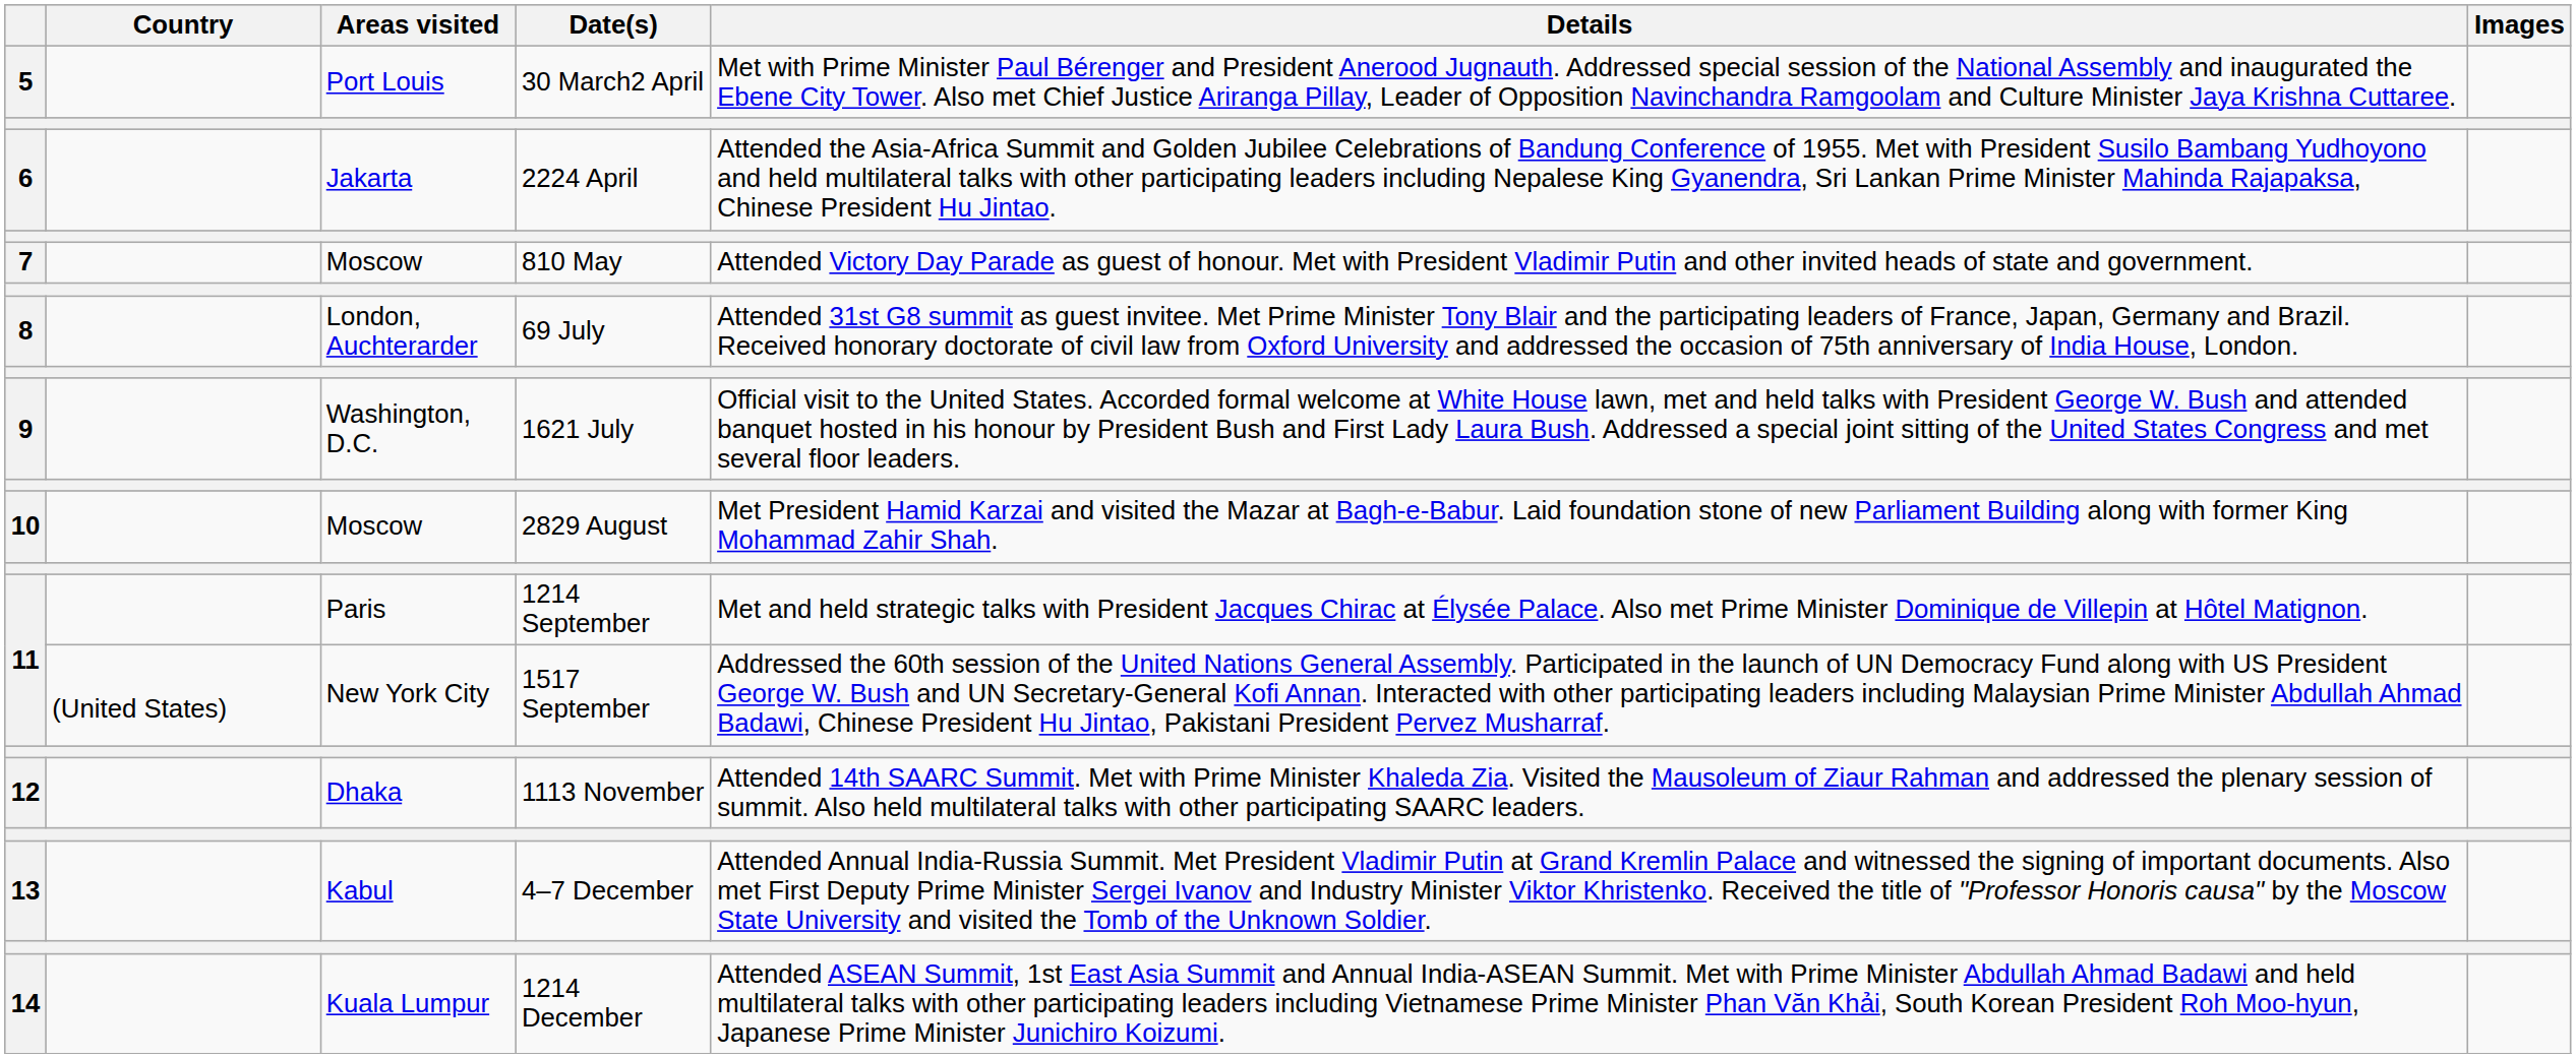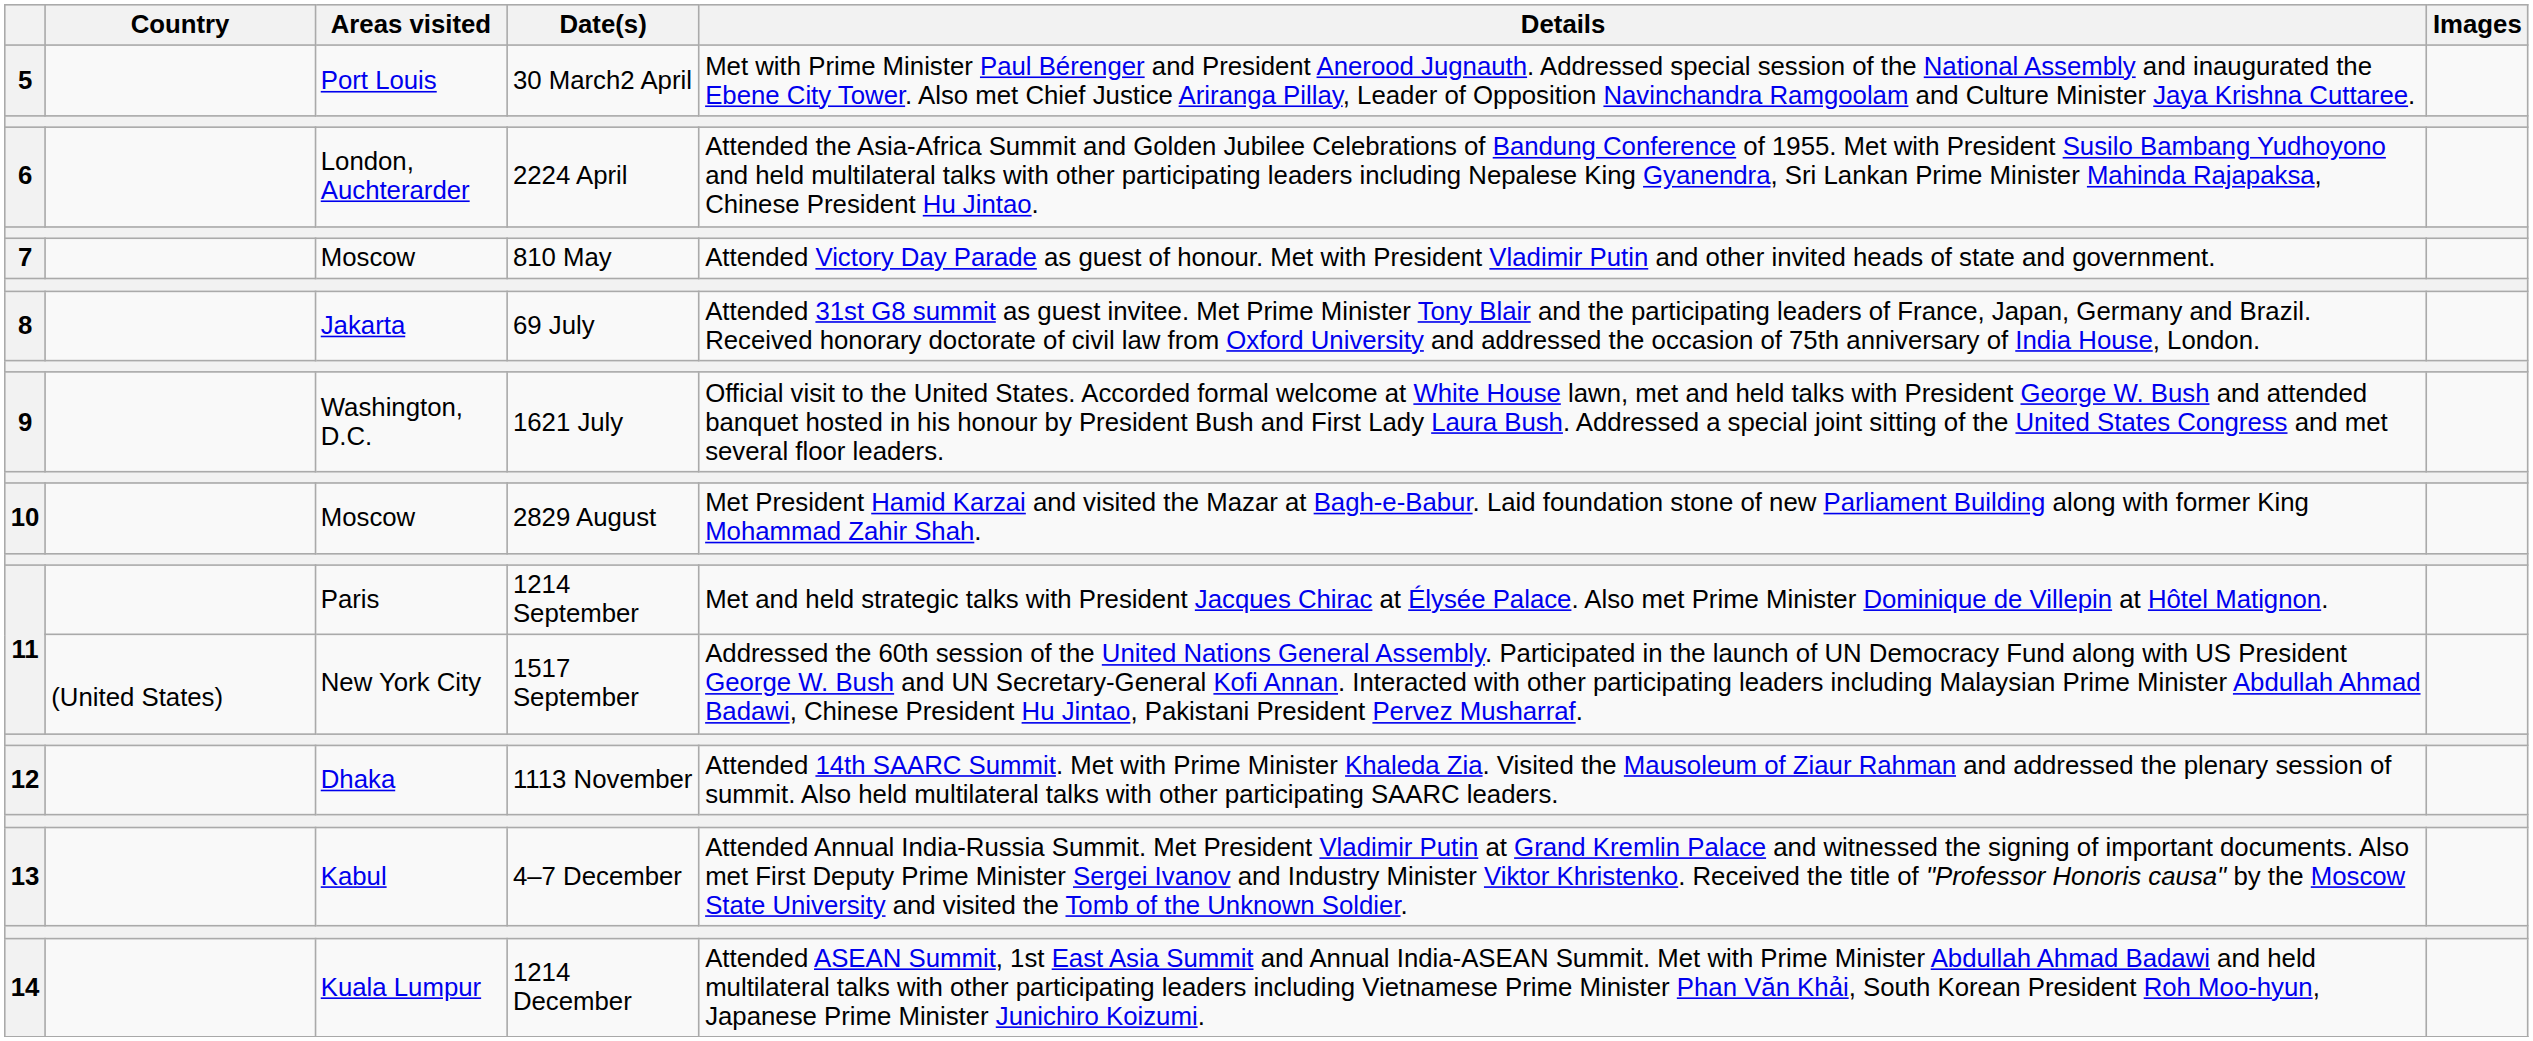 <table class="wikitable outercollapse sortable">
 <tr>
 <th></th>
 <th style="width:10em">Country</th>
 <th style="width:7em">Areas visited</th>
 <th style="width:7em">Date(s)</th>
 <th class="unsortable">Details</th>
 <th class="unsortable">Images</th>
 </tr>
 <tr>
 <th>5</th>
 <td></td>
 <td><a href='#'>Port Louis</a></td>
 <td>30 March2 April</td>
 <td>Met with Prime Minister <a href='#'>Paul Bérenger</a> and President <a href='#'>Anerood Jugnauth</a>. Addressed special session of the <a href='#'>National Assembly</a> and inaugurated the <a href='#'>Ebene City Tower</a>. Also met Chief Justice <a href='#'>Ariranga Pillay</a>, Leader of Opposition <a href='#'>Navinchandra Ramgoolam</a> and Culture Minister <a href='#'>Jaya Krishna Cuttaree</a>.</td>
 <td></td>
 </tr>
 <tr>
 <th colspan="6"></th>
 </tr>
 <tr>
 <th>6</th>
 <td></td>
-<td><a href='#'>Jakarta</a></td>
+<td>London, <a href='#'>Auchterarder</a></td>
 <td>2224 April</td>
 <td>Attended the Asia-Africa Summit and Golden Jubilee Celebrations of <a href='#'>Bandung Conference</a> of 1955. Met with President <a href='#'>Susilo Bambang Yudhoyono</a> and held multilateral talks with other participating leaders including Nepalese King <a href='#'>Gyanendra</a>, Sri Lankan Prime Minister <a href='#'>Mahinda Rajapaksa</a>, Chinese President <a href='#'>Hu Jintao</a>.</td>
 <td></td>
 </tr>
 <tr>
 <th colspan="6"></th>
 </tr>
 <tr>
 <th>7</th>
 <td></td>
 <td>Moscow</td>
 <td>810 May</td>
 <td>Attended <a href='#'>Victory Day Parade</a> as guest of honour. Met with President <a href='#'>Vladimir Putin</a> and other invited heads of state and government.</td>
 <td></td>
 </tr>
 <tr>
 <th colspan="6"></th>
 </tr>
 <tr>
 <th>8</th>
 <td></td>
-<td>London, <a href='#'>Auchterarder</a></td>
+<td><a href='#'>Jakarta</a></td>
 <td>69 July</td>
 <td>Attended <a href='#'>31st G8 summit</a> as guest invitee. Met Prime Minister <a href='#'>Tony Blair</a> and the participating leaders of France, Japan, Germany and Brazil. Received honorary doctorate of civil law from <a href='#'>Oxford University</a> and addressed the occasion of 75th anniversary of <a href='#'>India House</a>, London.</td>
 <td></td>
 </tr>
 <tr>
 <th colspan="6"></th>
 </tr>
 <tr>
 <th>9</th>
 <td></td>
 <td>Washington, D.C.</td>
 <td>1621 July</td>
 <td>Official visit to the United States. Accorded formal welcome at <a href='#'>White House</a> lawn, met and held talks with President <a href='#'>George W. Bush</a> and attended banquet hosted in his honour by President Bush and First Lady <a href='#'>Laura Bush</a>. Addressed a special joint sitting of the <a href='#'>United States Congress</a> and met several floor leaders.</td>
 <td></td>
 </tr>
 <tr>
 <th colspan="6"></th>
 </tr>
 <tr>
 <th>10</th>
 <td></td>
 <td>Moscow</td>
 <td>2829 August</td>
 <td>Met President <a href='#'>Hamid Karzai</a> and visited the Mazar at <a href='#'>Bagh-e-Babur</a>. Laid foundation stone of new <a href='#'>Parliament Building</a> along with former King <a href='#'>Mohammad Zahir Shah</a>.</td>
 <td></td>
 </tr>
 <tr>
 <th colspan="6"></th>
 </tr>
 <tr>
 <th rowspan="2">11</th>
 <td></td>
 <td>Paris</td>
 <td>1214 September</td>
 <td>Met and held strategic talks with President <a href='#'>Jacques Chirac</a> at <a href='#'>Élysée Palace</a>. Also met Prime Minister <a href='#'>Dominique de Villepin</a> at <a href='#'>Hôtel Matignon</a>.</td>
 <td></td>
 </tr>
 <tr>
 <td><br>(United States)</td>
 <td>New York City</td>
 <td>1517 September</td>
 <td>Addressed the 60th session of the <a href='#'>United Nations General Assembly</a>. Participated in the launch of UN Democracy Fund along with US President <a href='#'>George W. Bush</a> and UN Secretary-General <a href='#'>Kofi Annan</a>. Interacted with other participating leaders including Malaysian Prime Minister <a href='#'>Abdullah Ahmad Badawi</a>, Chinese President <a href='#'>Hu Jintao</a>, Pakistani President <a href='#'>Pervez Musharraf</a>.</td>
 <td></td>
 </tr>
 <tr>
 <th colspan="6"></th>
 </tr>
 <tr>
 <th>12</th>
 <td></td>
 <td><a href='#'>Dhaka</a></td>
 <td>1113 November</td>
 <td>Attended <a href='#'>14th SAARC Summit</a>. Met with Prime Minister <a href='#'>Khaleda Zia</a>. Visited the <a href='#'>Mausoleum of Ziaur Rahman</a> and addressed the plenary session of summit. Also held multilateral talks with other participating SAARC leaders.</td>
 <td></td>
 </tr>
 <tr>
 <th colspan="6"></th>
 </tr>
 <tr>
 <th>13</th>
 <td></td>
 <td><a href='#'>Kabul</a></td>
 <td>4–7 December</td>
 <td>Attended Annual India-Russia Summit. Met President <a href='#'>Vladimir Putin</a> at <a href='#'>Grand Kremlin Palace</a> and witnessed the signing of important documents. Also met First Deputy Prime Minister <a href='#'>Sergei Ivanov</a> and Industry Minister <a href='#'>Viktor Khristenko</a>. Received the title of <em>"Professor Honoris causa"</em> by the <a href='#'>Moscow State University</a> and visited the <a href='#'>Tomb of the Unknown Soldier</a>.</td>
 <td></td>
 </tr>
 <tr>
 <th colspan="6"></th>
 </tr>
 <tr>
 <th>14</th>
 <td></td>
 <td><a href='#'>Kuala Lumpur</a></td>
 <td>1214 December</td>
 <td>Attended <a href='#'>ASEAN Summit</a>, 1st <a href='#'>East Asia Summit</a> and Annual India-ASEAN Summit. Met with Prime Minister <a href='#'>Abdullah Ahmad Badawi</a> and held multilateral talks with other participating leaders including Vietnamese Prime Minister <a href='#'>Phan Văn Khải</a>, South Korean President <a href='#'>Roh Moo-hyun</a>, Japanese Prime Minister <a href='#'>Junichiro Koizumi</a>.</td>
 <td></td>
 </tr>
 <tr>
 </tr>
 </table>
